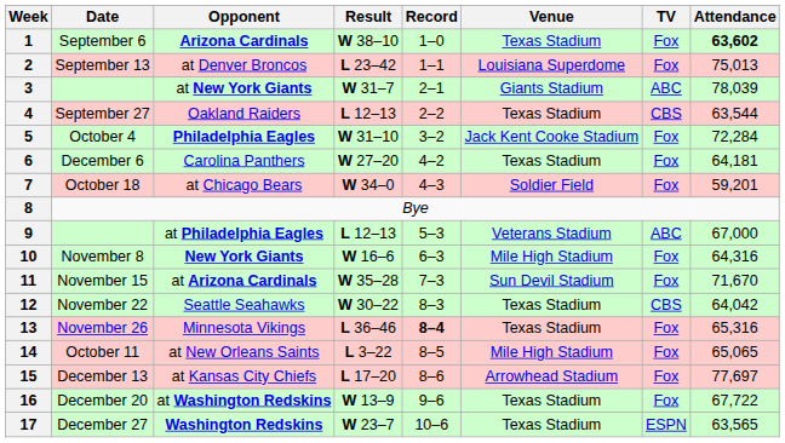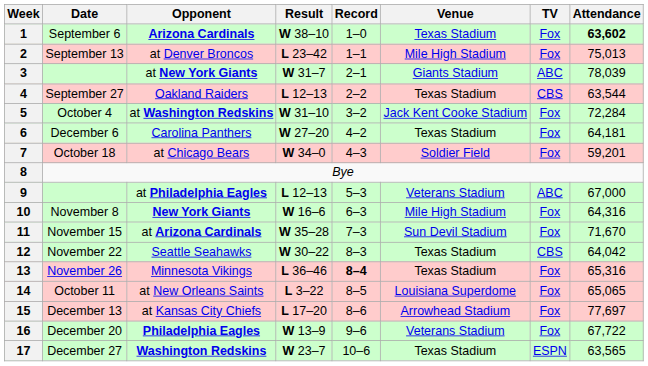 <table class="wikitable" style="text-align:center">
 <tr>
 <th>Week</th>
 <th>Date</th>
 <th>Opponent</th>
 <th>Result</th>
 <th>Record</th>
 <th>Venue</th>
 <th>TV</th>
 <th>Attendance</th>
 </tr>
 <tr style="background:#cfc">
 <th>1</th>
 <td>September 6</td>
 <td><strong><a href='#'>Arizona Cardinals</a></strong></td>
 <td><strong>W</strong> 38–10</td>
 <td>1–0</td>
 <td><a href='#'>Texas Stadium</a></td>
 <td><a href='#'>Fox</a></td>
 <td><strong>63,602</strong></td>
 </tr>
 <tr style="background:#fcc">
 <th>2</th>
 <td>September 13</td>
 <td>at <a href='#'>Denver Broncos</a></td>
 <td><strong>L</strong> 23–42</td>
 <td>1–1</td>
-<td><a href='#'>Louisiana Superdome</a></td>
+<td><a href='#'>Mile High Stadium</a></td>
 <td><a href='#'>Fox</a></td>
 <td>75,013</td>
 </tr>
 <tr style="background:#cfc">
 <th>3</th>
 <td></td>
 <td>at <strong><a href='#'>New York Giants</a></strong></td>
 <td><strong>W</strong> 31–7</td>
 <td>2–1</td>
 <td><a href='#'>Giants Stadium</a></td>
 <td><a href='#'>ABC</a></td>
 <td>78,039</td>
 </tr>
 <tr style="background:#fcc">
 <th>4</th>
 <td>September 27</td>
 <td><a href='#'>Oakland Raiders</a></td>
 <td><strong>L</strong> 12–13</td>
 <td>2–2</td>
 <td>Texas Stadium</td>
 <td><a href='#'>CBS</a></td>
 <td>63,544</td>
 </tr>
 <tr style="background:#cfc">
 <th>5</th>
 <td>October 4</td>
-<td><strong><a href='#'>Philadelphia Eagles</a></strong></td>
+<td>at <strong><a href='#'>Washington Redskins</a></strong></td>
 <td><strong>W</strong> 31–10</td>
 <td>3–2</td>
 <td><a href='#'>Jack Kent Cooke Stadium</a></td>
 <td><a href='#'>Fox</a></td>
 <td>72,284</td>
 </tr>
 <tr style="background:#cfc">
 <th>6</th>
 <td>December 6</td>
 <td><a href='#'>Carolina Panthers</a></td>
 <td><strong>W</strong> 27–20</td>
 <td>4–2</td>
 <td>Texas Stadium</td>
 <td><a href='#'>Fox</a></td>
 <td>64,181</td>
 </tr>
 <tr style="background:#fcc">
 <th>7</th>
 <td>October 18</td>
 <td>at <a href='#'>Chicago Bears</a></td>
 <td><strong>W</strong> 34–0</td>
 <td>4–3</td>
 <td><a href='#'>Soldier Field</a></td>
 <td><a href='#'>Fox</a></td>
 <td>59,201</td>
 </tr>
 <tr>
 <th>8</th>
 <td colspan=7 align="center"><em>Bye</em></td>
 </tr>
 <tr style="background:#cfc">
 <th>9</th>
 <td></td>
 <td>at <strong><a href='#'>Philadelphia Eagles</a></strong></td>
 <td><strong>L</strong> 12–13</td>
 <td>5–3</td>
 <td><a href='#'>Veterans Stadium</a></td>
 <td><a href='#'>ABC</a></td>
 <td>67,000</td>
 </tr>
 <tr style="background:#cfc">
 <th>10</th>
 <td>November 8</td>
 <td><strong><a href='#'>New York Giants</a></strong></td>
 <td><strong>W</strong> 16–6</td>
 <td>6–3</td>
 <td><a href='#'>Mile High Stadium</a></td>
 <td><a href='#'>Fox</a></td>
 <td>64,316</td>
 </tr>
 <tr style="background:#cfc">
 <th>11</th>
 <td>November 15</td>
 <td>at <strong><a href='#'>Arizona Cardinals</a></strong></td>
 <td><strong>W</strong> 35–28</td>
 <td>7–3</td>
 <td><a href='#'>Sun Devil Stadium</a></td>
 <td><a href='#'>Fox</a></td>
 <td>71,670</td>
 </tr>
 <tr style="background:#cfc">
 <th>12</th>
 <td>November 22</td>
 <td><a href='#'>Seattle Seahawks</a></td>
 <td><strong>W</strong> 30–22</td>
 <td>8–3</td>
 <td>Texas Stadium</td>
 <td><a href='#'>CBS</a></td>
 <td>64,042</td>
 </tr>
 <tr style="background:#fcc">
 <th>13</th>
 <td><a href='#'>November 26</a></td>
 <td><a href='#'>Minnesota Vikings</a></td>
 <td><strong>L</strong> 36–46</td>
 <td><strong>8–4</strong></td>
 <td>Texas Stadium</td>
 <td><a href='#'>Fox</a></td>
 <td>65,316</td>
 </tr>
 <tr style="background:#fcc">
 <th>14</th>
 <td>October 11</td>
 <td>at <a href='#'>New Orleans Saints</a></td>
 <td><strong>L</strong> 3–22</td>
 <td>8–5</td>
-<td><a href='#'>Mile High Stadium</a></td>
+<td><a href='#'>Louisiana Superdome</a></td>
 <td><a href='#'>Fox</a></td>
 <td>65,065</td>
 </tr>
 <tr style="background:#fcc">
 <th>15</th>
 <td>December 13</td>
 <td>at <a href='#'>Kansas City Chiefs</a></td>
 <td><strong>L</strong> 17–20</td>
 <td>8–6</td>
 <td><a href='#'>Arrowhead Stadium</a></td>
 <td><a href='#'>Fox</a></td>
 <td>77,697</td>
 </tr>
 <tr style="background:#cfc">
 <th>16</th>
 <td>December 20</td>
-<td>at <strong><a href='#'>Washington Redskins</a></strong></td>
+<td><strong><a href='#'>Philadelphia Eagles</a></strong></td>
 <td><strong>W</strong> 13–9</td>
 <td>9–6</td>
-<td>Texas Stadium</td>
+<td><a href='#'>Veterans Stadium</a></td>
 <td><a href='#'>Fox</a></td>
 <td>67,722</td>
 </tr>
 <tr style="background:#cfc">
 <th>17</th>
 <td>December 27</td>
 <td><strong><a href='#'>Washington Redskins</a></strong></td>
 <td><strong>W</strong> 23–7</td>
 <td>10–6</td>
 <td>Texas Stadium</td>
 <td><a href='#'>ESPN</a></td>
 <td>63,565</td>
 </tr>
 </table>
